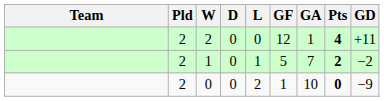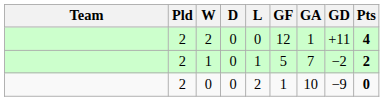 <table class="wikitable" style="text-align: center;">
 <tr>
 <th width=175>Team</th>
 <th width=20>Pld</th>
 <th width=20>W</th>
 <th width=20>D</th>
 <th width=20>L</th>
 <th width=20>GF</th>
 <th width=20>GA</th>
+<th width=20>GD</th>
 <th width=20>Pts</th>
-<th width=20>GD</th>
 </tr>
 <tr bgcolor=ccffcc>
 <td style="text-align:left;"></td>
 <td>2</td>
 <td>2</td>
 <td>0</td>
 <td>0</td>
 <td>12</td>
 <td>1</td>
+<td>+11</td>
 <td><strong>4</strong></td>
-<td>+11</td>
 </tr>
 <tr bgcolor=ccffcc>
 <td style="text-align:left;"></td>
 <td>2</td>
 <td>1</td>
 <td>0</td>
 <td>1</td>
 <td>5</td>
 <td>7</td>
+<td>−2</td>
 <td><strong>2</strong></td>
-<td>−2</td>
 </tr>
 <tr>
 <td style="text-align:left;"></td>
 <td>2</td>
 <td>0</td>
 <td>0</td>
 <td>2</td>
 <td>1</td>
 <td>10</td>
+<td>−9</td>
 <td><strong>0</strong></td>
-<td>−9</td>
 </tr>
 </table>
